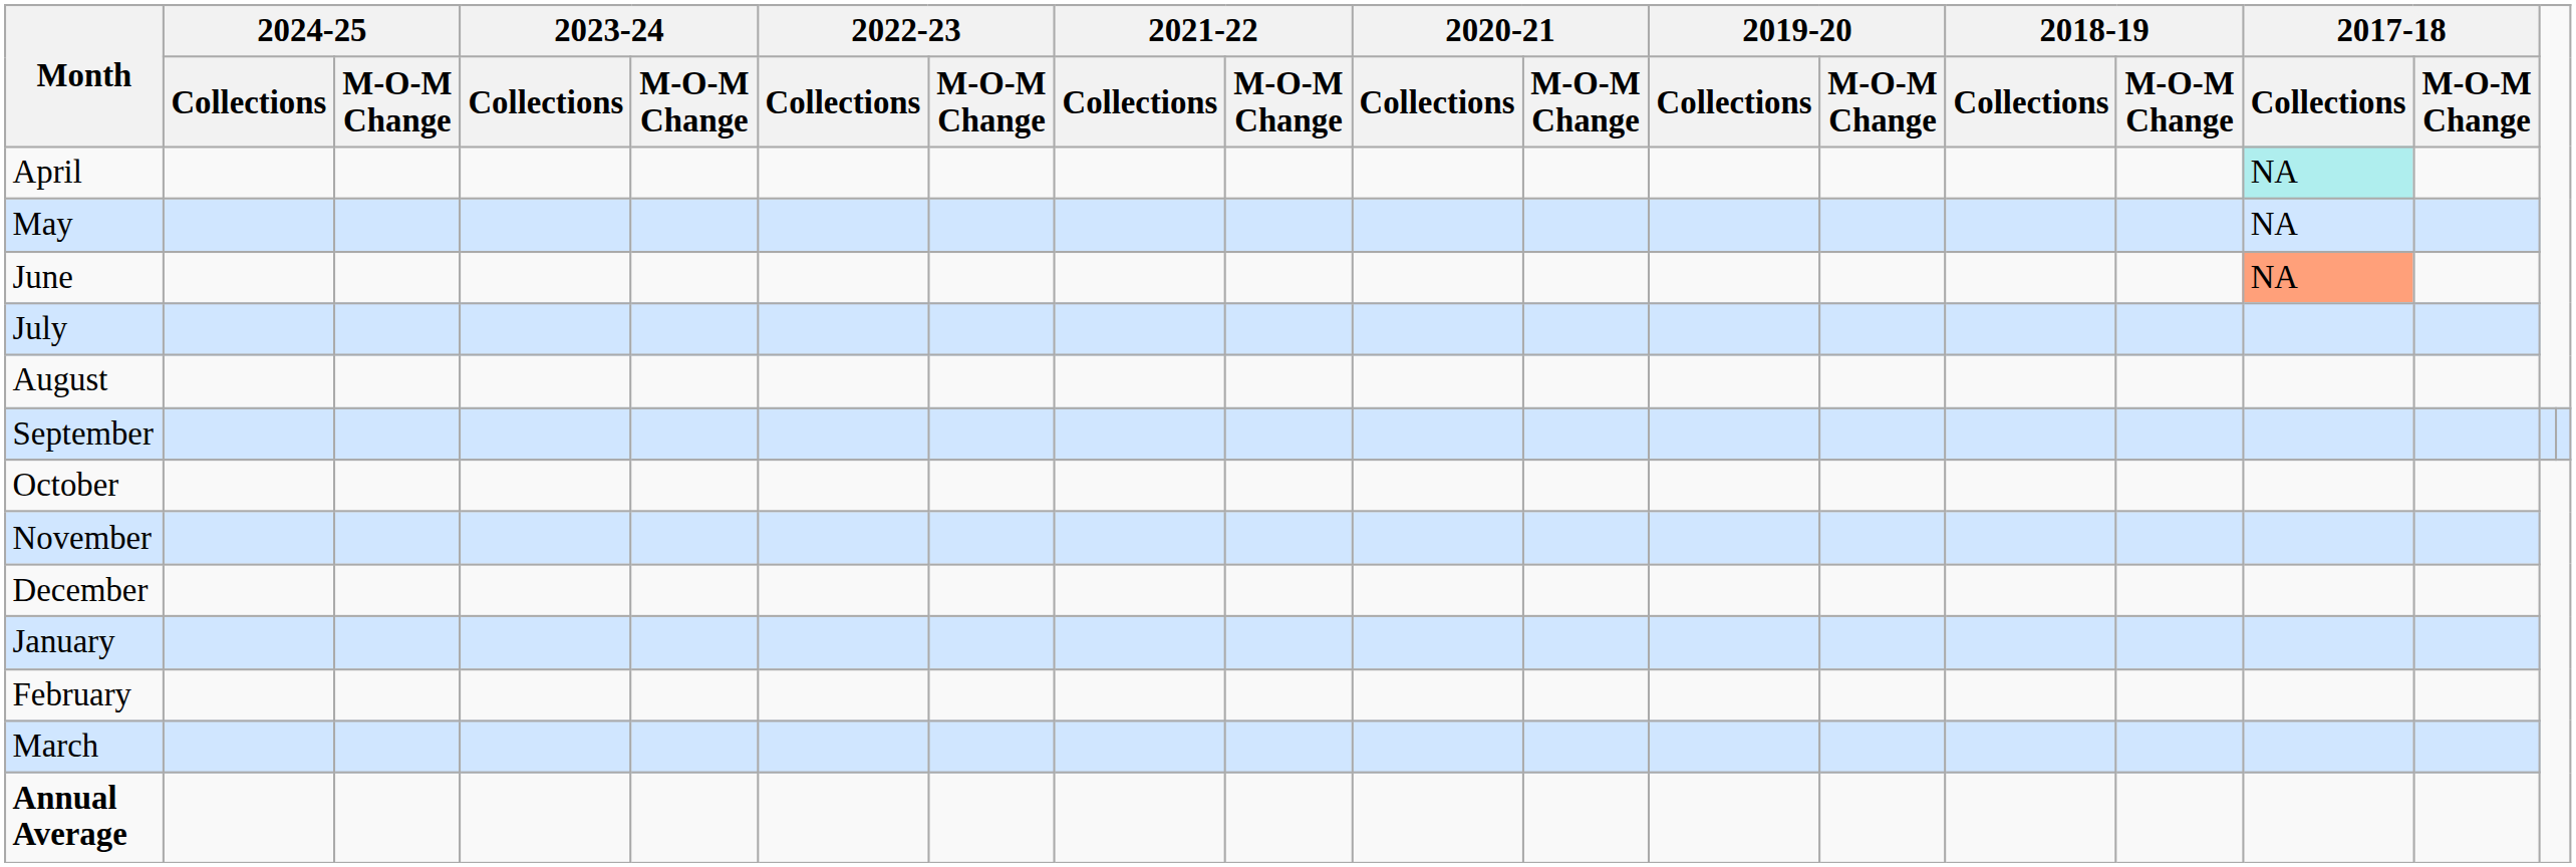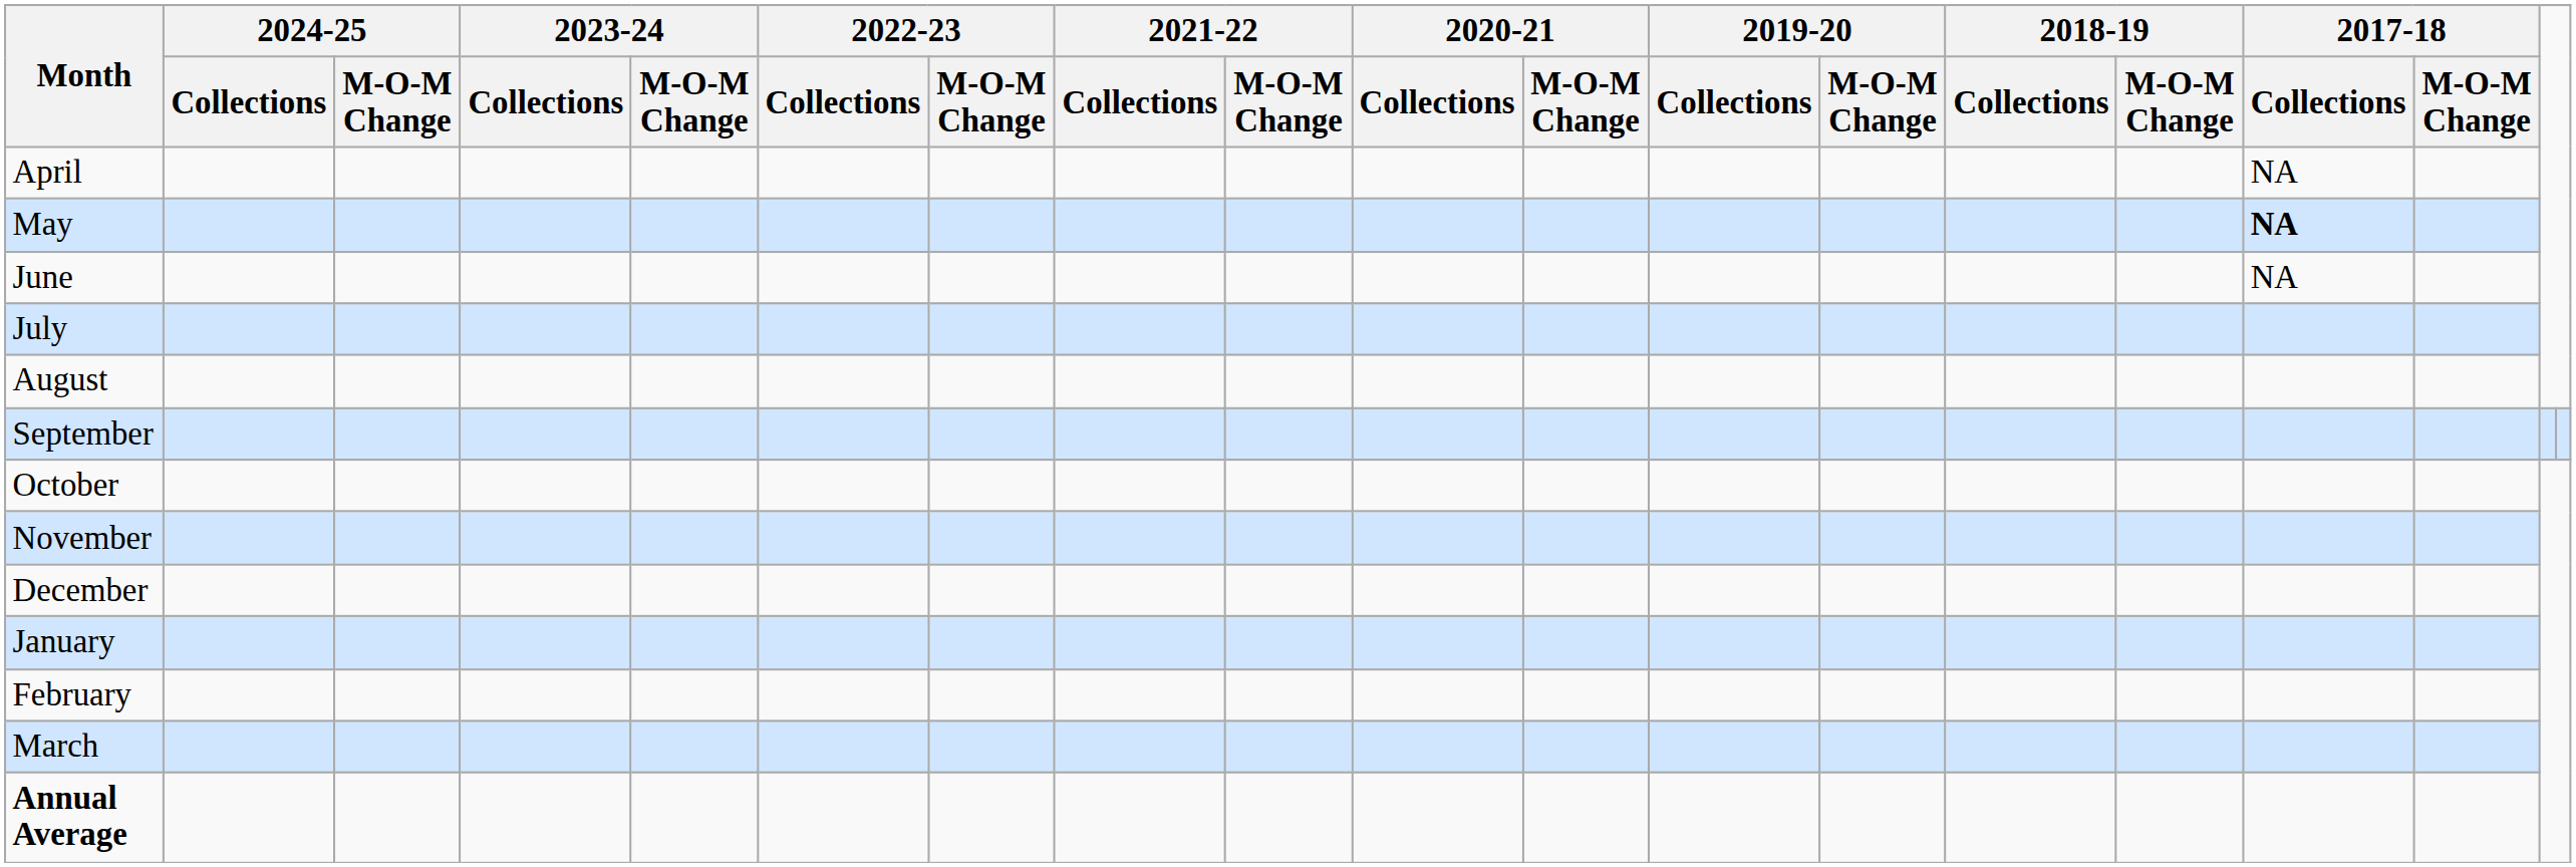 <table class="wikitable sortable">
 <tr>
 <th rowspan="2">Month</th>
 <th ! colspan=2>2024-25</th>
 <th ! colspan=2>2023-24</th>
 <th colspan=2>2022-23</th>
 <th colspan=2>2021-22</th>
 <th colspan=2>2020-21</th>
 <th colspan=2>2019-20</th>
 <th colspan=2>2018-19</th>
 <th colspan=2>2017-18</th>
 </tr>
 <tr>
 <th>Collections</th>
 <th>M-O-M Change</th>
 <th>Collections</th>
 <th>M-O-M Change</th>
 <th>Collections</th>
 <th>M-O-M Change</th>
 <th>Collections</th>
 <th>M-O-M Change</th>
 <th>Collections</th>
 <th>M-O-M Change</th>
 <th>Collections</th>
 <th>M-O-M Change</th>
 <th>Collections</th>
 <th>M-O-M Change</th>
 <th>Collections</th>
 <th>M-O-M Change</th>
 </tr>
 <tr>
 <td>April</td>
 <td></td>
 <td></td>
 <td></td>
 <td></td>
 <td></td>
 <td></td>
 <td></td>
 <td></td>
 <td></td>
 <td></td>
 <td></td>
 <td></td>
 <td></td>
 <td></td>
-<td style="background: paleturquoise;">NA</td>
+<td>NA</td>
 <td></td>
 </tr>
 <tr style="background:#D0E6FF">
 <td>May</td>
 <td></td>
 <td></td>
 <td></td>
 <td></td>
 <td></td>
 <td></td>
 <td></td>
 <td></td>
 <td></td>
 <td></td>
 <td></td>
 <td></td>
 <td></td>
 <td></td>
-<td>NA</td>
+<td><strong>NA</strong></td>
 <td></td>
 </tr>
 <tr>
 <td>June</td>
 <td></td>
 <td></td>
 <td></td>
 <td></td>
 <td></td>
 <td></td>
 <td></td>
 <td></td>
 <td></td>
 <td></td>
 <td></td>
 <td></td>
 <td></td>
 <td></td>
-<td style="background: lightsalmon;">NA</td>
+<td>NA</td>
 <td></td>
 </tr>
 <tr style="background:#D0E6FF">
 <td>July</td>
 <td></td>
 <td></td>
 <td></td>
 <td></td>
 <td></td>
 <td></td>
 <td></td>
 <td></td>
 <td></td>
 <td></td>
 <td></td>
 <td></td>
 <td></td>
 <td></td>
 <td></td>
 <td></td>
 </tr>
 <tr>
 <td>August</td>
 <td></td>
 <td></td>
 <td></td>
 <td></td>
 <td></td>
 <td></td>
 <td></td>
 <td></td>
 <td></td>
 <td></td>
 <td></td>
 <td></td>
 <td> </td>
 <td></td>
 <td></td>
 <td></td>
 </tr>
 <tr style="background:#D0E6FF">
 <td>September</td>
 <td></td>
 <td></td>
 <td></td>
 <td></td>
 <td></td>
 <td></td>
 <td></td>
 <td></td>
 <td></td>
 <td></td>
 <td></td>
 <td></td>
 <td></td>
 <td></td>
 <td></td>
 <td></td>
 <td></td>
 <td></td>
 </tr>
 <tr>
 <td>October</td>
 <td></td>
 <td></td>
 <td></td>
 <td></td>
 <td></td>
 <td></td>
 <td></td>
 <td></td>
 <td></td>
 <td></td>
 <td></td>
 <td></td>
 <td></td>
 <td></td>
 <td></td>
 <td></td>
 </tr>
 <tr style="background:#D0E6FF">
 <td>November</td>
 <td></td>
 <td></td>
 <td></td>
 <td></td>
 <td></td>
 <td></td>
 <td></td>
 <td></td>
 <td></td>
 <td></td>
 <td></td>
 <td></td>
 <td></td>
 <td></td>
 <td></td>
 <td></td>
 </tr>
 <tr>
 <td>December</td>
 <td></td>
 <td></td>
 <td></td>
 <td></td>
 <td></td>
 <td></td>
 <td></td>
 <td></td>
 <td></td>
 <td></td>
 <td> </td>
 <td></td>
 <td></td>
 <td></td>
 <td></td>
 <td></td>
 </tr>
 <tr style="background:#D0E6FF">
 <td>January</td>
 <td></td>
 <td></td>
 <td></td>
 <td></td>
 <td></td>
 <td></td>
 <td></td>
 <td></td>
 <td></td>
 <td></td>
 <td></td>
 <td></td>
 <td></td>
 <td></td>
 <td></td>
 <td></td>
 </tr>
 <tr>
 <td>February</td>
 <td></td>
 <td></td>
 <td></td>
 <td></td>
 <td></td>
 <td></td>
 <td></td>
 <td></td>
 <td></td>
 <td></td>
 <td></td>
 <td></td>
 <td></td>
 <td></td>
 <td></td>
 <td></td>
 </tr>
 <tr style="background:#D0E6FF">
 <td>March</td>
 <td></td>
 <td></td>
 <td></td>
 <td></td>
 <td></td>
 <td></td>
 <td></td>
 <td></td>
 <td></td>
 <td></td>
 <td></td>
 <td></td>
 <td></td>
 <td></td>
 <td></td>
 <td></td>
 </tr>
 <tr>
 <td><strong>Annual Average</strong></td>
 <td><strong></strong></td>
 <td></td>
 <td><strong></strong></td>
 <td></td>
 <td><strong></strong></td>
 <td></td>
 <td><strong></strong></td>
 <td></td>
 <td><strong></strong></td>
 <td></td>
 <td><strong></strong></td>
 <td></td>
 <td><strong></strong></td>
 <td></td>
 <td><strong></strong></td>
 <td></td>
 </tr>
 </table>
